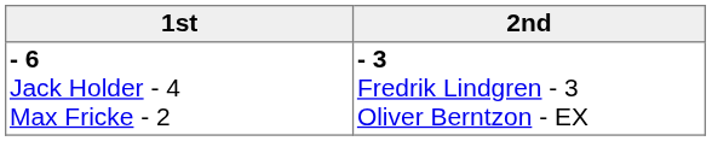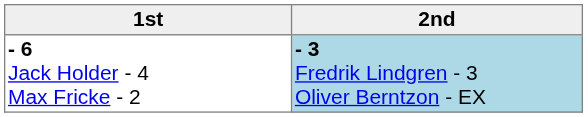 <table border="1" cellpadding="2" cellspacing="0"  style="width:50%; border-collapse:collapse;">
 <tr style="text-align:left; background:#efefef;">
 <th width=15% align=center >1st</th>
 <th width=15% align=center>2nd</th>
 </tr>
 <tr align=left>
 <td valign=top align=left ><strong> - 6</strong><br><a href='#'>Jack Holder</a> - 4<br><a href='#'>Max Fricke</a> - 2</td>
-<td valign=top align=left><strong> - 3</strong><br><a href='#'>Fredrik Lindgren</a> - 3<br><a href='#'>Oliver Berntzon</a> - EX</td>
+<td valign=top align=left style="background: lightblue;"><strong> - 3</strong><br><a href='#'>Fredrik Lindgren</a> - 3<br><a href='#'>Oliver Berntzon</a> - EX</td>
 </tr>
 </table>
